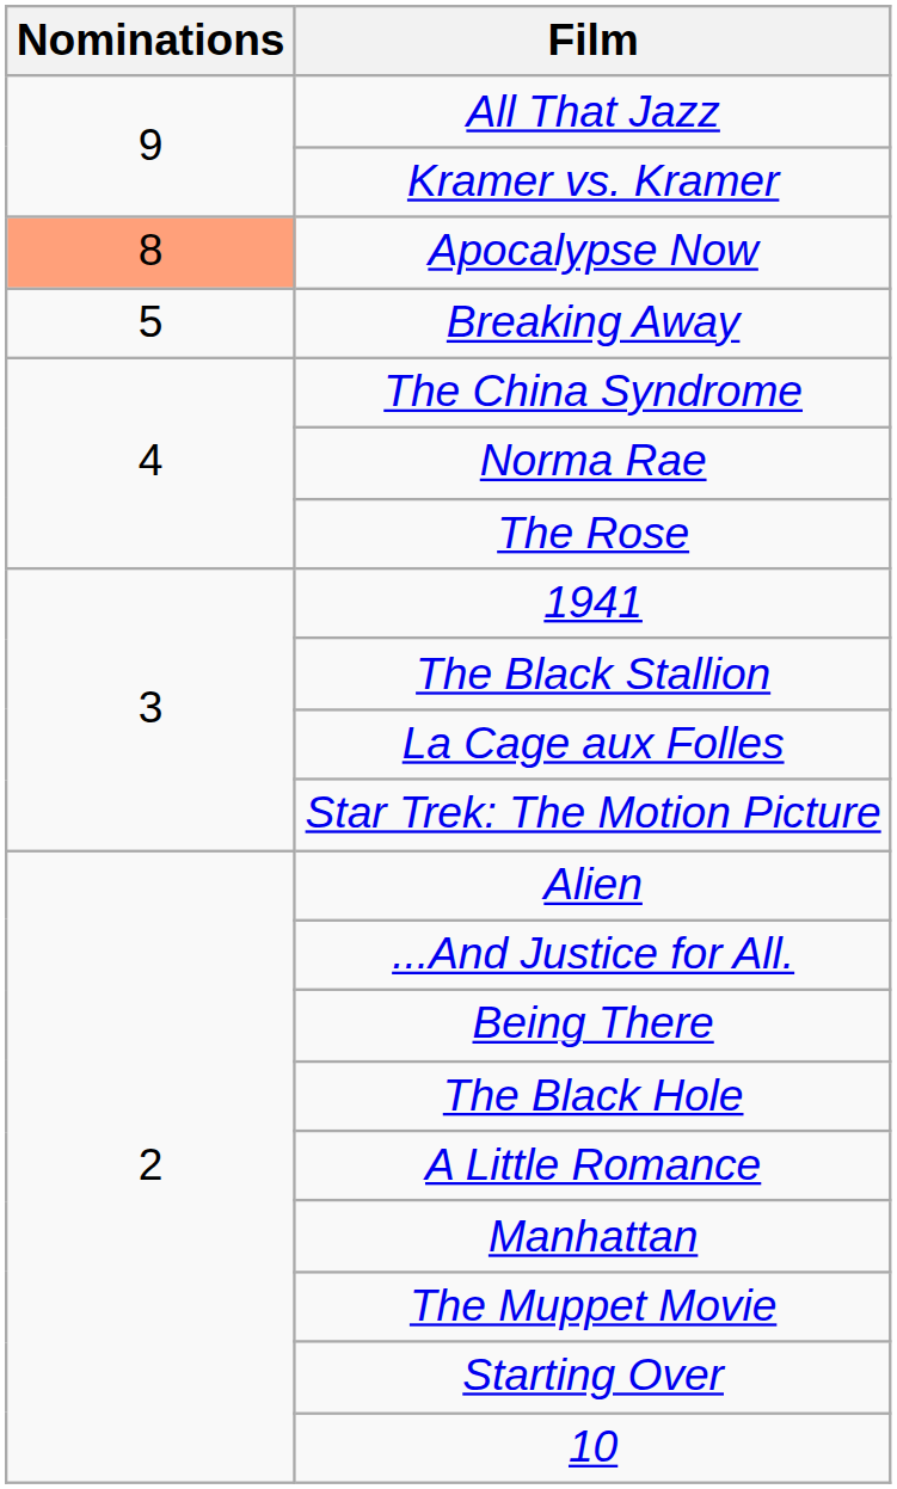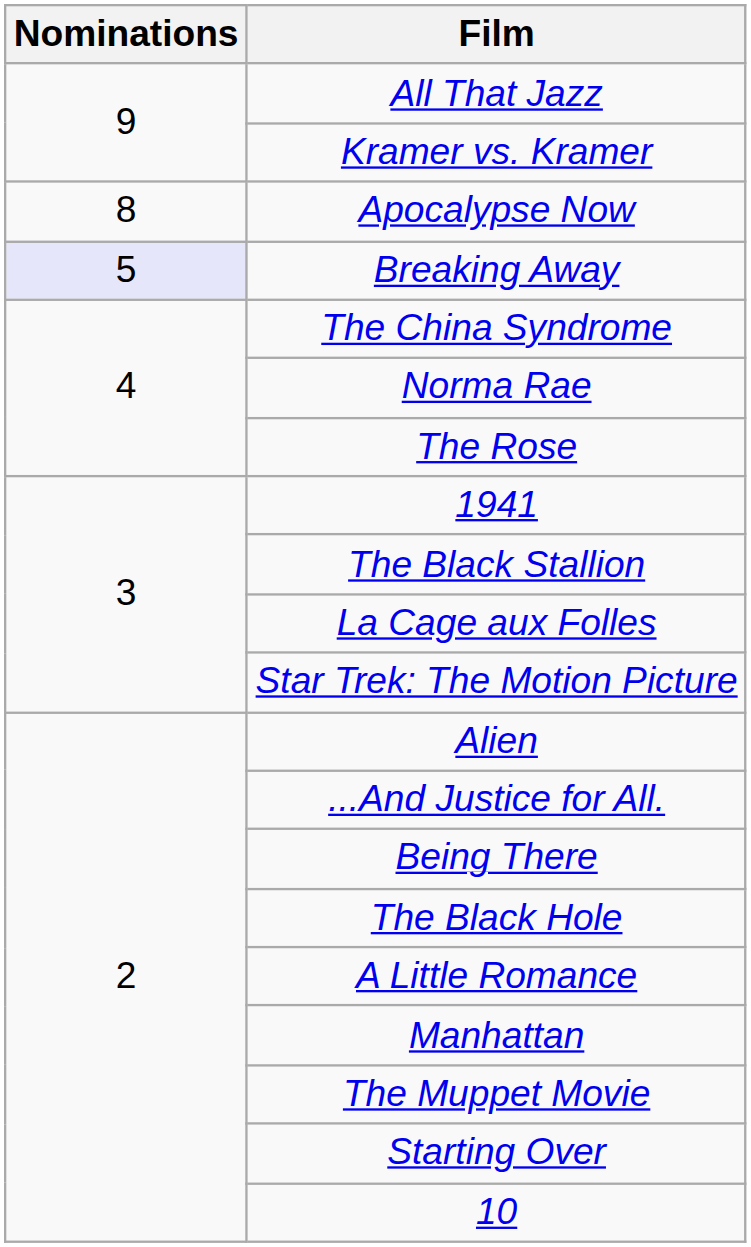 <table class="wikitable plainrowheaders" style="text-align: center;">
 <tr>
 <th scope="col" style="width:55px;">Nominations</th>
 <th scope="col" style="text-align:center;">Film</th>
 </tr>
 <tr>
 <td rowspan="2" scope="row" style="text-align:center">9</td>
 <td><em><a href='#'>All That Jazz</a></em></td>
 </tr>
 <tr>
 <td><em><a href='#'>Kramer vs. Kramer</a></em></td>
 </tr>
 <tr>
-<td scope="row" style="background: lightsalmon; text-align:center">8</td>
+<td scope="row" style="text-align:center">8</td>
 <td><em><a href='#'>Apocalypse Now</a></em></td>
 </tr>
 <tr>
-<td scope="row" style="text-align:center">5</td>
+<td scope="row" style="background: lavender; text-align:center">5</td>
 <td><em><a href='#'>Breaking Away</a></em></td>
 </tr>
 <tr>
 <td rowspan=3 scope="row" style="text-align:center">4</td>
 <td><em><a href='#'>The China Syndrome</a></em></td>
 </tr>
 <tr>
 <td><em><a href='#'>Norma Rae</a></em></td>
 </tr>
 <tr>
 <td><em><a href='#'>The Rose</a></em></td>
 </tr>
 <tr>
 <td rowspan=4 scope="row" style="text-align:center">3</td>
 <td><em><a href='#'>1941</a></em></td>
 </tr>
 <tr>
 <td><em><a href='#'>The Black Stallion</a></em></td>
 </tr>
 <tr>
 <td><em><a href='#'>La Cage aux Folles</a></em></td>
 </tr>
 <tr>
 <td><em><a href='#'>Star Trek: The Motion Picture</a></em></td>
 </tr>
 <tr>
 <td rowspan=9 scope="row" style="text-align:center">2</td>
 <td><em><a href='#'>Alien</a></em></td>
 </tr>
 <tr>
 <td><em><a href='#'>...And Justice for All.</a></em></td>
 </tr>
 <tr>
 <td><em><a href='#'>Being There</a></em></td>
 </tr>
 <tr>
 <td><em><a href='#'>The Black Hole</a></em></td>
 </tr>
 <tr>
 <td><em><a href='#'>A Little Romance</a></em></td>
 </tr>
 <tr>
 <td><em><a href='#'>Manhattan</a></em></td>
 </tr>
 <tr>
 <td><em><a href='#'>The Muppet Movie</a></em></td>
 </tr>
 <tr>
 <td><em><a href='#'>Starting Over</a></em></td>
 </tr>
 <tr>
 <td><em><a href='#'>10</a></em></td>
 </tr>
 </table>
